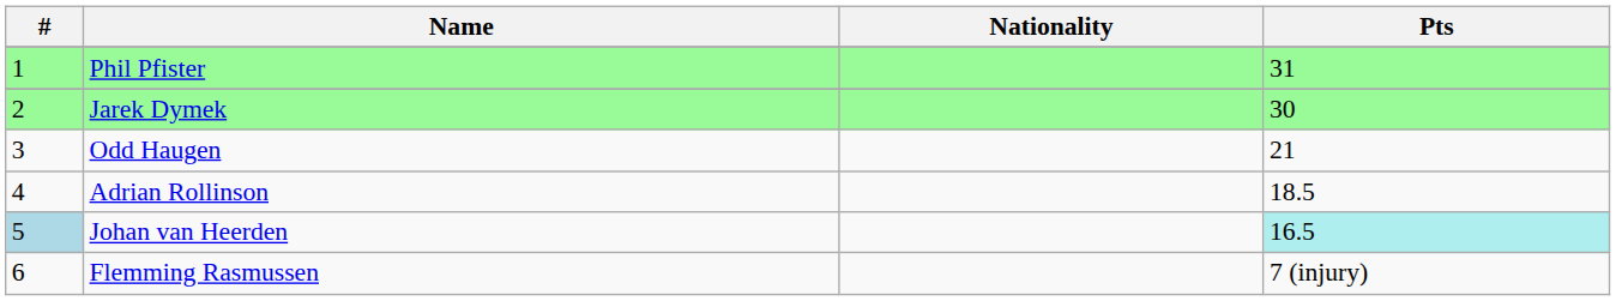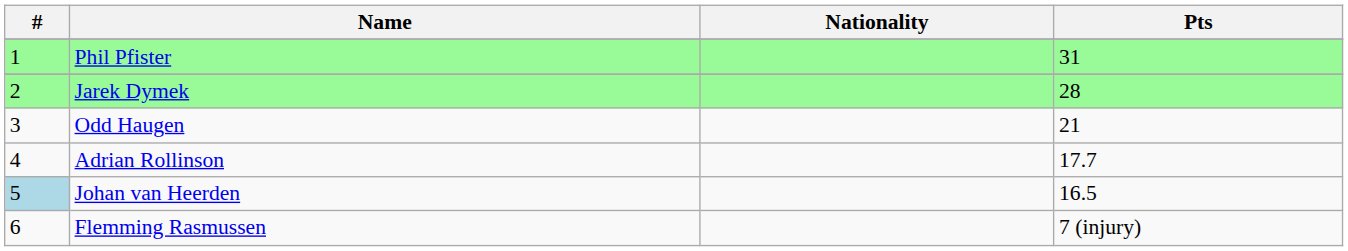 <table class="wikitable" style="display: inline-table; width: 50%;">
 <tr>
 <th>#</th>
 <th>Name</th>
 <th>Nationality</th>
 <th>Pts</th>
 </tr>
 <tr>
 </tr>
 <tr style="background:palegreen;">
 <td>1</td>
 <td><a href='#'>Phil Pfister</a></td>
 <td></td>
 <td>31</td>
 </tr>
 <tr>
 </tr>
 <tr style="background:palegreen;">
 <td>2</td>
 <td><a href='#'>Jarek Dymek</a></td>
 <td></td>
-<td>30</td>
+<td>28</td>
 </tr>
 <tr>
 <td>3</td>
 <td><a href='#'>Odd Haugen</a></td>
 <td></td>
 <td>21</td>
 </tr>
 <tr>
 <td>4</td>
 <td><a href='#'>Adrian Rollinson</a></td>
 <td></td>
-<td>18.5</td>
+<td>17.7</td>
 </tr>
 <tr>
 <td style="background: lightblue;">5</td>
 <td><a href='#'>Johan van Heerden</a></td>
 <td></td>
-<td style="background: paleturquoise;">16.5</td>
+<td>16.5</td>
 </tr>
 <tr>
 <td>6</td>
 <td><a href='#'>Flemming Rasmussen</a></td>
 <td></td>
 <td>7 (injury)</td>
 </tr>
 </table>
